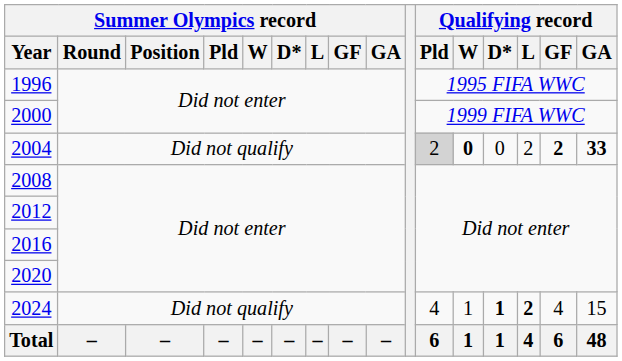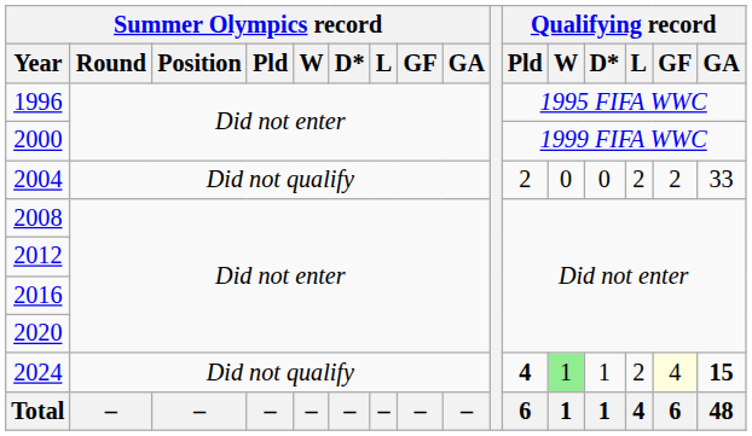 <table class="wikitable" style="text-align: center;">
 <tr>
 <th colspan=9><a href='#'>Summer Olympics</a> record</th>
 <th rowspan=12></th>
 <th colspan=6><a href='#'>Qualifying</a> record</th>
 </tr>
 <tr>
 <th>Year</th>
 <th>Round</th>
 <th>Position</th>
 <th>Pld</th>
 <th>W</th>
 <th>D*</th>
 <th>L</th>
 <th>GF</th>
 <th>GA</th>
 <th>Pld</th>
 <th>W</th>
 <th>D*</th>
 <th>L</th>
 <th>GF</th>
 <th>GA</th>
 </tr>
 <tr>
 <td> <a href='#'>1996</a></td>
 <td colspan=8 rowspan=2><em>Did not enter</em></td>
 <td colspan=6><em><a href='#'>1995 FIFA WWC</a></em></td>
 </tr>
 <tr>
 <td> <a href='#'>2000</a></td>
 <td colspan=6><em><a href='#'>1999 FIFA WWC</a></em></td>
 </tr>
 <tr>
 <td> <a href='#'>2004</a></td>
 <td colspan=8><em>Did not qualify</em></td>
-<td style="background: lightgrey;">2</td>
-<td><strong>0</strong></td>
+<td>2</td>
+<td>0</td>
 <td>0</td>
 <td>2</td>
-<td><strong>2</strong></td>
-<td><strong>33</strong></td>
+<td>2</td>
+<td>33</td>
 </tr>
 <tr>
 <td> <a href='#'>2008</a></td>
 <td colspan=8 rowspan=4><em>Did not enter</em></td>
 <td colspan=6 rowspan=4><em>Did not enter</em></td>
 </tr>
 <tr>
 <td> <a href='#'>2012</a></td>
 </tr>
 <tr>
 <td> <a href='#'>2016</a></td>
 </tr>
 <tr>
 <td> <a href='#'>2020</a></td>
 </tr>
 <tr>
 <td> <a href='#'>2024</a></td>
 <td colspan=8><em>Did not qualify</em></td>
-<td>4</td>
+<td><strong>4</strong></td>
+<td style="background: lightgreen;">1</td>
 <td>1</td>
-<td><strong>1</strong></td>
-<td><strong>2</strong></td>
-<td>4</td>
-<td>15</td>
+<td>2</td>
+<td style="background: lightyellow;">4</td>
+<td><strong>15</strong></td>
 </tr>
 <tr>
 <th>Total</th>
 <th>–</th>
 <th>–</th>
 <th>–</th>
 <th>–</th>
 <th>–</th>
 <th>–</th>
 <th>–</th>
 <th>–</th>
 <th>6</th>
 <th>1</th>
 <th>1</th>
 <th>4</th>
 <th>6</th>
 <th>48</th>
 </tr>
 </table>
